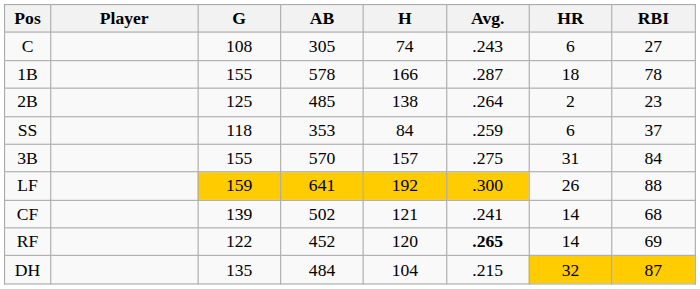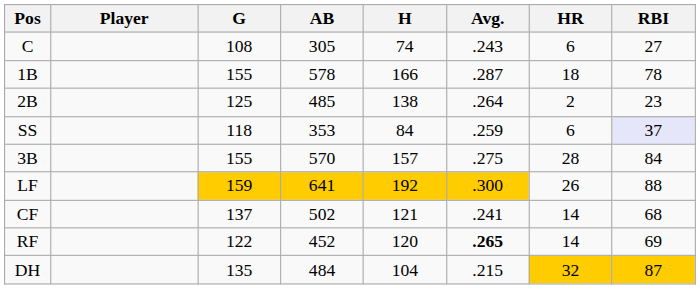 <table class="wikitable sortable">
 <tr>
 <th bgcolor="#DDDDFF" width="5%">Pos</th>
 <th bgcolor="#DDDDFF" width="16%">Player</th>
 <th bgcolor="#DDDDFF" width="9%">G</th>
 <th bgcolor="#DDDDFF" width="9%">AB</th>
 <th bgcolor="#DDDDFF" width="9%">H</th>
 <th bgcolor="#DDDDFF" width="9%">Avg.</th>
 <th bgcolor="#DDDDFF" width="9%">HR</th>
 <th bgcolor="#DDDDFF" width="9%">RBI</th>
 </tr>
 <tr align="center">
 <td>C</td>
 <td></td>
 <td>108</td>
 <td>305</td>
 <td>74</td>
 <td>.243</td>
 <td>6</td>
 <td>27</td>
 </tr>
 <tr align="center">
 <td>1B</td>
 <td></td>
 <td>155</td>
 <td>578</td>
 <td>166</td>
 <td>.287</td>
 <td>18</td>
 <td>78</td>
 </tr>
 <tr align="center">
 <td>2B</td>
 <td></td>
 <td>125</td>
 <td>485</td>
 <td>138</td>
 <td>.264</td>
 <td>2</td>
 <td>23</td>
 </tr>
 <tr align="center">
 <td>SS</td>
 <td></td>
 <td>118</td>
 <td>353</td>
 <td>84</td>
 <td>.259</td>
 <td>6</td>
-<td>37</td>
+<td style="background: lavender;">37</td>
 </tr>
 <tr align="center">
 <td>3B</td>
 <td></td>
 <td>155</td>
 <td>570</td>
 <td>157</td>
 <td>.275</td>
-<td>31</td>
+<td>28</td>
 <td>84</td>
 </tr>
 <tr align="center">
 <td>LF</td>
 <td></td>
 <td style="background:#fc0;">159</td>
 <td style="background:#fc0;">641</td>
 <td style="background:#fc0;">192</td>
 <td style="background:#fc0;">.300</td>
 <td>26</td>
 <td>88</td>
 </tr>
 <tr align="center">
 <td>CF</td>
 <td></td>
-<td>139</td>
+<td>137</td>
 <td>502</td>
 <td>121</td>
 <td>.241</td>
 <td>14</td>
 <td>68</td>
 </tr>
 <tr align="center">
 <td>RF</td>
 <td></td>
 <td>122</td>
 <td>452</td>
 <td>120</td>
 <td><strong>.265</strong></td>
 <td>14</td>
 <td>69</td>
 </tr>
 <tr align="center">
 <td>DH</td>
 <td></td>
 <td>135</td>
 <td>484</td>
 <td>104</td>
 <td>.215</td>
 <td style="background:#fc0;">32</td>
 <td style="background:#fc0;">87</td>
 </tr>
 </table>
